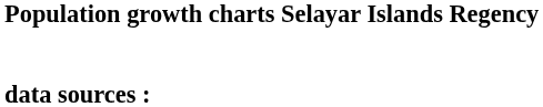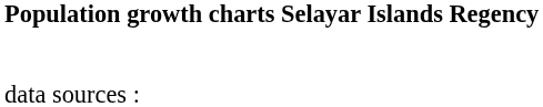 <table>
 <tr>
 <th><small>Population growth charts Selayar Islands Regency</small></th>
 </tr>
 <tr align="center">
 <td><br></td>
 </tr>
 <tr>
-<td><strong><small>data sources : </small></strong></td>
+<td><small>data sources : </small></td>
 </tr>
 </table>
